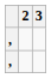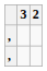 <table class="wikitable">
 <tr ---- valign="center">
 <th></th>
+<th>3</th>
 <th>2</th>
-<th>3</th>
 </tr>
 <tr ---- valign="center"  align="center">
 <th>, </th>
 <td></td>
 <td></td>
 </tr>
 <tr ---- valign="center"  align="center">
 <th>, </th>
 <td></td>
 <td></td>
 </tr>
 </table>
